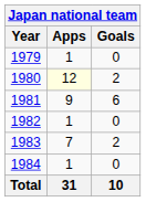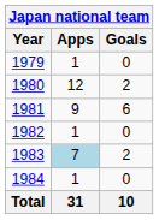 <table class="wikitable" style="text-align:center">
 <tr>
 <th colspan=3><a href='#'>Japan national team</a></th>
 </tr>
 <tr>
 <th>Year</th>
 <th>Apps</th>
 <th>Goals</th>
 </tr>
 <tr>
 <td><a href='#'>1979</a></td>
 <td>1</td>
 <td>0</td>
 </tr>
 <tr>
 <td><a href='#'>1980</a></td>
-<td style="background: lightyellow;">12</td>
+<td>12</td>
 <td>2</td>
 </tr>
 <tr>
 <td><a href='#'>1981</a></td>
 <td>9</td>
 <td>6</td>
 </tr>
 <tr>
 <td><a href='#'>1982</a></td>
 <td>1</td>
 <td>0</td>
 </tr>
 <tr>
 <td><a href='#'>1983</a></td>
-<td>7</td>
+<td style="background: lightblue;">7</td>
 <td>2</td>
 </tr>
 <tr>
 <td><a href='#'>1984</a></td>
 <td>1</td>
 <td>0</td>
 </tr>
 <tr>
 <th>Total</th>
 <th>31</th>
 <th>10</th>
 </tr>
 </table>
